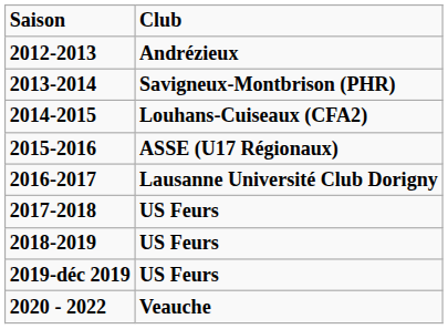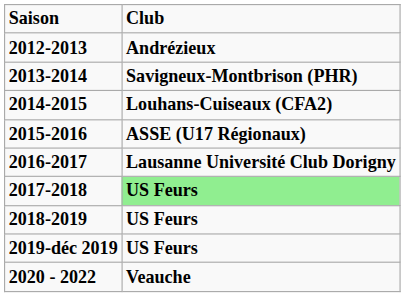 <table class="wikitable">
 <tr>
 <td><strong>Saison</strong></td>
 <td><strong>Club</strong></td>
 </tr>
 <tr>
 <td><strong>2012-2013</strong></td>
 <td><strong>Andrézieux</strong></td>
 </tr>
 <tr>
 <td><strong>2013-2014</strong></td>
 <td><strong>Savigneux-Montbrison (PHR)</strong></td>
 </tr>
 <tr>
 <td><strong>2014-2015</strong></td>
 <td><strong>Louhans-Cuiseaux (CFA2)</strong></td>
 </tr>
 <tr>
 <td><strong>2015-2016</strong></td>
 <td><strong>ASSE (U17 Régionaux)</strong></td>
 </tr>
 <tr>
 <td><strong>2016-2017</strong></td>
 <td><strong>Lausanne Université Club Dorigny</strong></td>
 </tr>
 <tr>
 <td><strong>2017-2018</strong></td>
-<td><strong>US Feurs</strong></td>
+<td style="background: lightgreen;"><strong>US Feurs</strong></td>
 </tr>
 <tr>
 <td><strong>2018-2019</strong></td>
 <td><strong>US Feurs</strong></td>
 </tr>
 <tr>
 <td><strong>2019-déc 2019</strong></td>
 <td><strong>US Feurs</strong></td>
 </tr>
 <tr>
 <td><strong>2020 - 2022</strong></td>
 <td><strong>Veauche</strong></td>
 </tr>
 </table>
